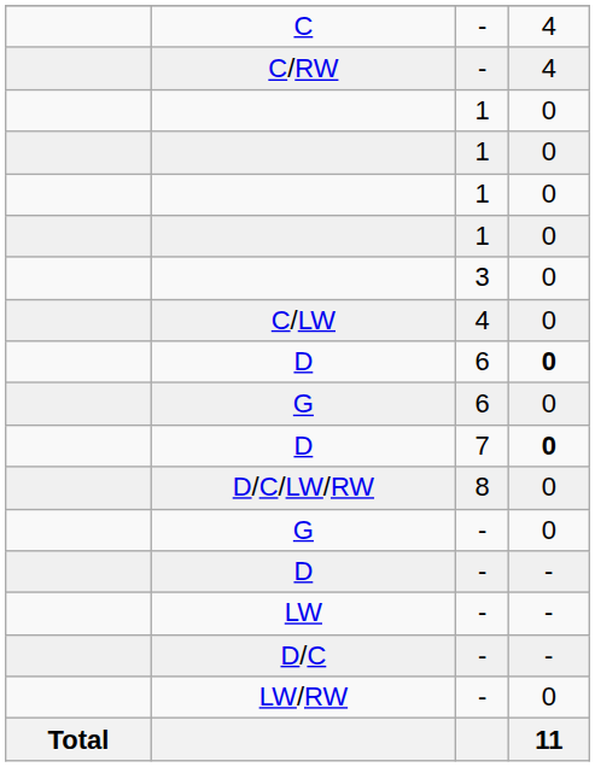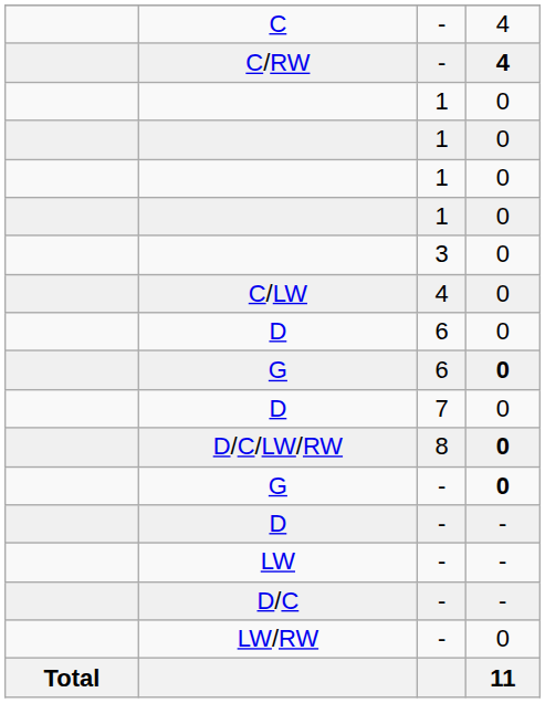 <table class="wikitable sortable" width ="40%">
 <tr align="center">
 </tr>
 <tr align="center" bgcolor="">
 <td></td>
 <td><a href='#'>C</a></td>
 <td>-</td>
 <td>4</td>
 </tr>
 <tr align="center" bgcolor="f0f0f0">
 <td></td>
 <td><a href='#'>C</a>/<a href='#'>RW</a></td>
 <td>-</td>
-<td>4</td>
+<td><strong>4</strong></td>
 </tr>
 <tr align="center" bgcolor="">
 <td></td>
 <td></td>
 <td>1</td>
 <td>0</td>
 </tr>
 <tr align="center" bgcolor="f0f0f0">
 <td></td>
 <td></td>
 <td>1</td>
 <td>0</td>
 </tr>
 <tr align="center" bgcolor="">
 <td></td>
 <td></td>
 <td>1</td>
 <td>0</td>
 </tr>
 <tr align="center" bgcolor="f0f0f0">
 <td></td>
 <td></td>
 <td>1</td>
 <td>0</td>
 </tr>
 <tr align="center" bgcolor="">
 <td></td>
 <td></td>
 <td>3</td>
 <td>0</td>
 </tr>
 <tr align="center" bgcolor="f0f0f0">
 <td></td>
 <td><a href='#'>C</a>/<a href='#'>LW</a></td>
 <td>4</td>
 <td>0</td>
 </tr>
 <tr align="center" bgcolor="">
 <td></td>
 <td><a href='#'>D</a></td>
 <td>6</td>
-<td><strong>0</strong></td>
+<td>0</td>
 </tr>
 <tr align="center" bgcolor="f0f0f0">
 <td></td>
 <td><a href='#'>G</a></td>
 <td>6</td>
-<td>0</td>
+<td><strong>0</strong></td>
 </tr>
 <tr align="center" bgcolor="">
 <td></td>
 <td><a href='#'>D</a></td>
 <td>7</td>
-<td><strong>0</strong></td>
+<td>0</td>
 </tr>
 <tr align="center" bgcolor="f0f0f0">
 <td></td>
 <td><a href='#'>D</a>/<a href='#'>C</a>/<a href='#'>LW</a>/<a href='#'>RW</a></td>
 <td>8</td>
-<td>0</td>
+<td><strong>0</strong></td>
 </tr>
 <tr align="center" bgcolor="">
 <td></td>
 <td><a href='#'>G</a></td>
 <td>-</td>
-<td>0</td>
+<td><strong>0</strong></td>
 </tr>
 <tr align="center" bgcolor="f0f0f0">
 <td></td>
 <td><a href='#'>D</a></td>
 <td>-</td>
 <td>-</td>
 </tr>
 <tr align="center" bgcolor="">
 <td></td>
 <td><a href='#'>LW</a></td>
 <td>-</td>
 <td>-</td>
 </tr>
 <tr align="center" bgcolor="f0f0f0">
 <td></td>
 <td><a href='#'>D</a>/<a href='#'>C</a></td>
 <td>-</td>
 <td>-</td>
 </tr>
 <tr align="center" bgcolor="">
 <td></td>
 <td><a href='#'>LW</a>/<a href='#'>RW</a></td>
 <td>-</td>
 <td>0</td>
 </tr>
 <tr>
 <th>Total</th>
 <th></th>
 <th></th>
 <th>11</th>
 </tr>
 </table>
